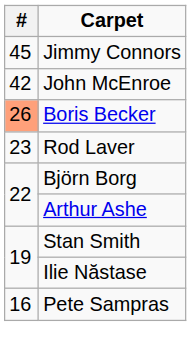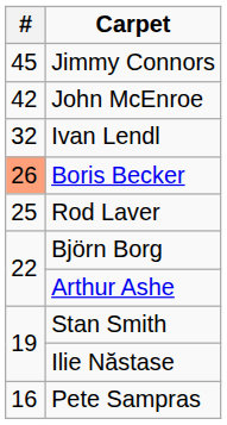 <table class="wikitable" style="display:inline-table;">
 <tr>
 <th width=20>#</th>
 <th style="background: transparent;">Carpet</th>
 </tr>
 <tr>
 <td>45</td>
 <td> Jimmy Connors</td>
 </tr>
 <tr>
 <td>42</td>
 <td> John McEnroe</td>
 </tr>
 <tr>
+<td>32</td>
+<td> Ivan Lendl</td>
+</tr>
+<tr>
 <td style="background: lightsalmon;">26</td>
 <td> <a href='#'>Boris Becker</a></td>
 </tr>
 <tr>
-<td>23</td>
+<td>25</td>
 <td> Rod Laver</td>
 </tr>
 <tr>
 <td rowspan="2">22</td>
 <td> Björn Borg</td>
 </tr>
 <tr>
 <td> <a href='#'>Arthur Ashe</a></td>
 </tr>
 <tr>
 <td rowspan="2">19</td>
 <td> Stan Smith</td>
 </tr>
 <tr>
 <td> Ilie Năstase</td>
 </tr>
 <tr>
 <td>16</td>
 <td> Pete Sampras</td>
 </tr>
 </table>
